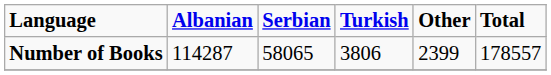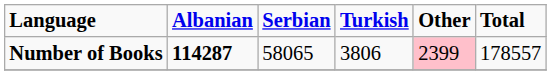 <table class="wikitable">
 <tr>
 <td><strong>Language</strong></td>
 <td><strong><a href='#'>Albanian</a> </strong></td>
 <td><strong><a href='#'>Serbian</a> </strong></td>
 <td><strong><a href='#'>Turkish</a> </strong></td>
 <td><strong>Other</strong></td>
 <td><strong>Total</strong></td>
 </tr>
 <tr>
 <td><strong>Number of Books</strong></td>
-<td>114287</td>
+<td><strong>114287</strong></td>
 <td>58065</td>
 <td>3806</td>
-<td>2399</td>
+<td style="background: pink;">2399</td>
 <td>178557</td>
 </tr>
 <tr>
 </tr>
 </table>
